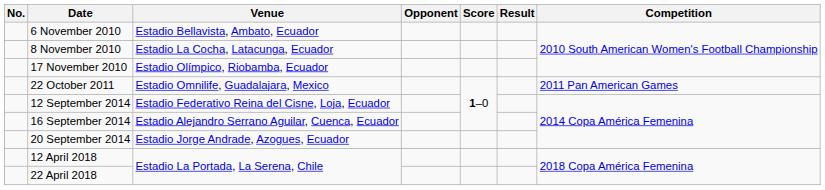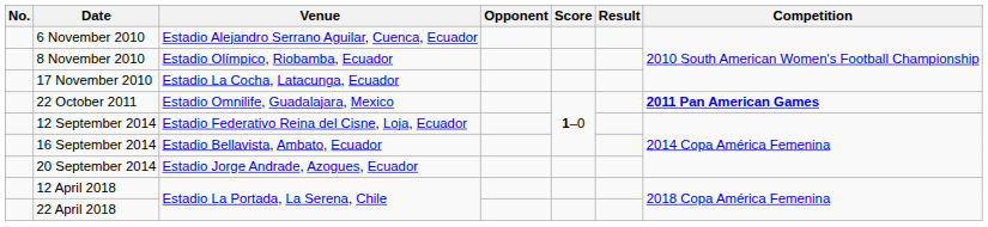 <table class="wikitable">
 <tr>
 <th>No.</th>
 <th>Date</th>
 <th>Venue</th>
 <th>Opponent</th>
 <th>Score</th>
 <th>Result</th>
 <th>Competition</th>
 </tr>
 <tr>
 <td></td>
 <td>6 November 2010</td>
-<td><a href='#'>Estadio Bellavista</a>, <a href='#'>Ambato</a>, <a href='#'>Ecuador</a></td>
+<td><a href='#'>Estadio Alejandro Serrano Aguilar</a>, <a href='#'>Cuenca</a>, <a href='#'>Ecuador</a></td>
 <td></td>
 <td></td>
 <td></td>
 <td rowspan=3><a href='#'>2010 South American Women's Football Championship</a></td>
 </tr>
 <tr>
 <td></td>
 <td>8 November 2010</td>
-<td><a href='#'>Estadio La Cocha</a>, <a href='#'>Latacunga</a>, <a href='#'>Ecuador</a></td>
+<td><a href='#'>Estadio Olímpico</a>, <a href='#'>Riobamba</a>, <a href='#'>Ecuador</a></td>
 <td></td>
 <td></td>
 <td></td>
 </tr>
 <tr>
 <td></td>
 <td>17 November 2010</td>
-<td><a href='#'>Estadio Olímpico</a>, <a href='#'>Riobamba</a>, <a href='#'>Ecuador</a></td>
+<td><a href='#'>Estadio La Cocha</a>, <a href='#'>Latacunga</a>, <a href='#'>Ecuador</a></td>
 <td></td>
 <td></td>
 <td></td>
 </tr>
 <tr>
 <td></td>
 <td>22 October 2011</td>
 <td><a href='#'>Estadio Omnilife</a>, <a href='#'>Guadalajara</a>, <a href='#'>Mexico</a></td>
 <td></td>
 <td rowspan=3 style="text-align:center;"><strong>1</strong>–0</td>
 <td></td>
-<td><a href='#'>2011 Pan American Games</a></td>
+<td><strong><a href='#'>2011 Pan American Games</a></strong></td>
 </tr>
 <tr>
 <td></td>
 <td>12 September 2014</td>
 <td><a href='#'>Estadio Federativo Reina del Cisne</a>, <a href='#'>Loja</a>, <a href='#'>Ecuador</a></td>
 <td></td>
 <td></td>
 <td rowspan=3><a href='#'>2014 Copa América Femenina</a></td>
 </tr>
 <tr>
 <td></td>
 <td>16 September 2014</td>
-<td><a href='#'>Estadio Alejandro Serrano Aguilar</a>, <a href='#'>Cuenca</a>, <a href='#'>Ecuador</a></td>
+<td><a href='#'>Estadio Bellavista</a>, <a href='#'>Ambato</a>, <a href='#'>Ecuador</a></td>
 <td></td>
 <td></td>
 </tr>
 <tr>
 <td></td>
 <td>20 September 2014</td>
 <td><a href='#'>Estadio Jorge Andrade</a>, <a href='#'>Azogues</a>, <a href='#'>Ecuador</a></td>
 <td></td>
 <td></td>
 <td></td>
 </tr>
 <tr>
 <td></td>
 <td>12 April 2018</td>
 <td rowspan=2><a href='#'>Estadio La Portada</a>, <a href='#'>La Serena</a>, <a href='#'>Chile</a></td>
 <td></td>
 <td></td>
 <td></td>
 <td rowspan=2><a href='#'>2018 Copa América Femenina</a></td>
 </tr>
 <tr>
 <td></td>
 <td>22 April 2018</td>
 <td></td>
 <td></td>
 <td></td>
 </tr>
 </table>
